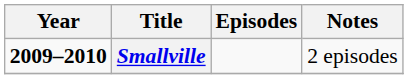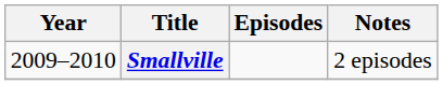 <table class="wikitable sortable plainrowheaders">
 <tr>
 <th scope="col">Year</th>
 <th scope="col">Title</th>
 <th scope="col" class="unsortable">Episodes</th>
 <th scope="col" class="unsortable">Notes</th>
 </tr>
 <tr>
-<td align="center"><strong>2009–2010</strong></td>
+<td align="center">2009–2010</td>
 <th scope="row"><em><a href='#'>Smallville</a></em></th>
 <td></td>
 <td>2 episodes</td>
 </tr>
 <tr>
 </tr>
 </table>
